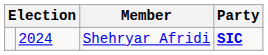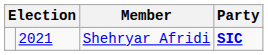 <table class="wikitable">
 <tr>
 <th colspan="2">Election</th>
 <th>Member</th>
 <th>Party</th>
 </tr>
 <tr>
 <td style="background-color: "></td>
-<td><a href='#'>2024</a></td>
+<td><a href='#'>2021</a></td>
 <td><a href='#'>Shehryar  Afridi</a></td>
 <td><strong><a href='#'>SIC</a></strong></td>
 </tr>
 </table>
